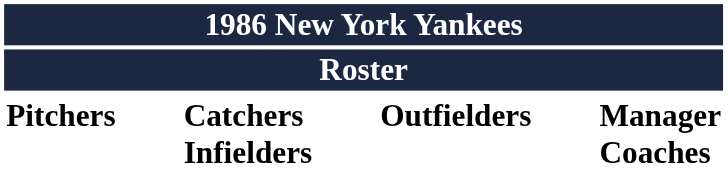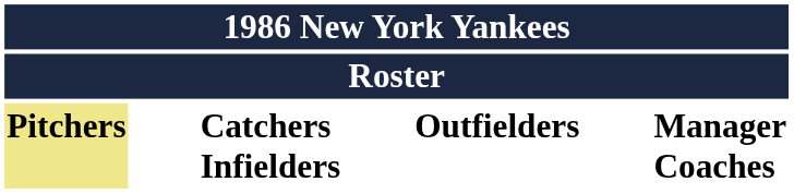 <table class="toccolours" style="font-size: 95%;">
 <tr>
 <th colspan="10" style="background-color: #1c2841; color: white; text-align: center;">1986 New York Yankees</th>
 </tr>
 <tr>
 <td colspan="10" style="background-color:#1c2841; color: white; text-align: center;"><strong>Roster</strong></td>
 </tr>
 <tr>
-<td valign="top"><strong>Pitchers</strong><br>                 </td>
+<td valign="top" style="background: khaki;"><strong>Pitchers</strong><br>                 </td>
 <td width="25px"></td>
 <td valign="top"><strong>Catchers</strong><br>    <strong>Infielders</strong>           </td>
 <td width="25px"></td>
 <td valign="top"><strong>Outfielders</strong><br>         </td>
 <td width="25px"></td>
 <td valign="top"><strong>Manager</strong><br> <strong>Coaches</strong>      </td>
 </tr>
 </table>
